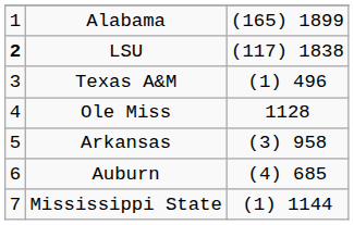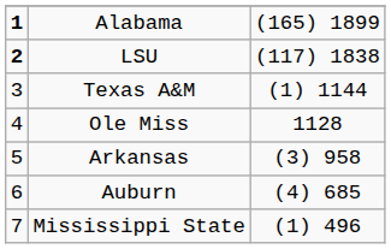 <table class="wikitable" style="display: inline-table;">
 <tr align="center">
 </tr>
 <tr align="center">
-<td>1</td>
+<td><strong>1</strong></td>
 <td>Alabama</td>
 <td>(165) 1899</td>
 </tr>
 <tr align="center">
 <td><strong>2</strong></td>
 <td>LSU</td>
 <td>(117) 1838</td>
 </tr>
 <tr align="center">
 <td>3</td>
 <td>Texas A&M</td>
-<td>(1) 496</td>
+<td>(1) 1144</td>
 </tr>
 <tr align="center">
 <td>4</td>
 <td>Ole Miss</td>
 <td>1128</td>
 </tr>
 <tr align="center">
 <td>5</td>
 <td>Arkansas</td>
 <td>(3) 958</td>
 </tr>
 <tr align="center">
 <td>6</td>
 <td>Auburn</td>
 <td>(4) 685</td>
 </tr>
 <tr align="center">
 <td>7</td>
 <td>Mississippi State</td>
-<td>(1) 1144</td>
+<td>(1) 496</td>
 </tr>
 </table>
